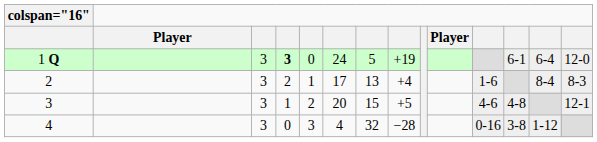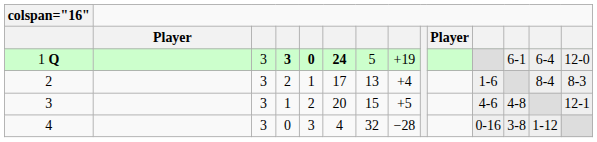 <table class=wikitable style=text-align:center>
 <tr>
 <th>colspan="16" </th>
 </tr>
 <tr>
 <th width=20 abbr=Position></th>
 <th width=175>Player</th>
 <th width=20 abbr=Played></th>
 <th width=20 abbr=Won></th>
 <th width=20 abbr=Lost></th>
 <th width=30 abbr=Points for></th>
 <th width=30 abbr=Points against></th>
 <th width=30 abbr=Points difference></th>
 <th rowspan="5" abbr=H2H></th>
 <th>Player</th>
 <th></th>
 <th></th>
 <th></th>
 <th></th>
 </tr>
 <tr bgcolor=#CCFFCC>
 <td>1 <strong>Q</strong></td>
 <td align=left></td>
 <td>3</td>
 <td><strong>3</strong></td>
-<td>0</td>
-<td>24</td>
+<td><strong>0</strong></td>
+<td><strong>24</strong></td>
 <td>5</td>
 <td>+19</td>
 <td></td>
 <td bgcolor="#dddddd"> </td>
 <td bgcolor="#efefef">6-1</td>
 <td bgcolor="#efefef">6-4</td>
 <td bgcolor="#efefef">12-0</td>
 </tr>
 <tr>
 <td>2  </td>
 <td align=left></td>
 <td>3</td>
 <td>2</td>
 <td>1</td>
 <td>17</td>
 <td>13</td>
 <td>+4</td>
 <td></td>
 <td bgcolor="#efefef">1-6</td>
 <td bgcolor="#dddddd"> </td>
 <td bgcolor="#efefef">8-4</td>
 <td bgcolor="#efefef">8-3</td>
 </tr>
 <tr>
 <td>3 </td>
 <td align=left></td>
 <td>3</td>
 <td>1</td>
 <td>2</td>
 <td>20</td>
 <td>15</td>
 <td>+5</td>
 <td></td>
 <td bgcolor="#efefef">4-6</td>
 <td bgcolor="#efefef">4-8</td>
 <td bgcolor="#dddddd"> </td>
 <td bgcolor="#efefef">12-1</td>
 </tr>
 <tr>
 <td>4 </td>
 <td align=left></td>
 <td>3</td>
 <td>0</td>
 <td>3</td>
 <td>4</td>
 <td>32</td>
 <td>−28</td>
 <td></td>
 <td bgcolor="#efefef">0-16</td>
 <td bgcolor="#efefef">3-8</td>
 <td bgcolor="#efefef">1-12</td>
 <td bgcolor="#dddddd"> </td>
 </tr>
 </table>
